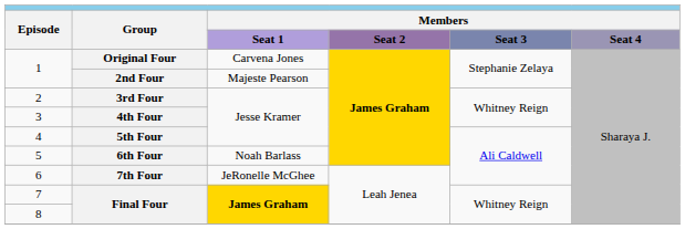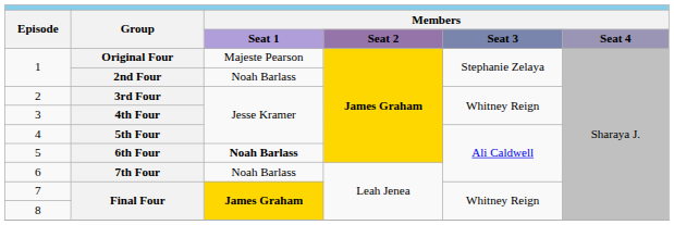 <table class="wikitable"  style="text-align:center; font-size:100%; width:70%;">
 <tr>
 <td colspan="6" scope="col" bgcolor="skyblue"><strong></strong></td>
 </tr>
 <tr>
 <th style="width:10%;" rowspan="2">Episode</th>
 <th style="width:20%;" rowspan="2">Group</th>
 <th colspan="4'">Members</th>
 </tr>
 <tr>
 <td style="width:18%;" bgcolor="#B09EDB"><strong>Seat 1</strong></td>
 <td style="width:18%;" bgcolor="#9574A9"><strong>Seat 2</strong></td>
 <td style="width:18%;" bgcolor="#7A85AD"><strong>Seat 3</strong></td>
 <td style="width:18%;" bgcolor="#9A95B4"><strong>Seat 4</strong></td>
 </tr>
 <tr>
 <td rowspan="2">1</td>
 <th>Original Four</th>
-<td>Carvena Jones</td>
+<td>Majeste Pearson</td>
 <td rowspan="6" bgcolor="gold"><strong>James Graham</strong></td>
 <td rowspan="2">Stephanie Zelaya</td>
 <td rowspan="9" bgcolor="silver">Sharaya J.</td>
 </tr>
 <tr>
 <th>2nd Four</th>
-<td>Majeste Pearson</td>
+<td>Noah Barlass</td>
 </tr>
 <tr>
 <td>2</td>
 <th>3rd Four</th>
 <td rowspan="3">Jesse Kramer</td>
 <td rowspan="2">Whitney Reign</td>
 </tr>
 <tr>
 <td>3</td>
 <th>4th Four</th>
 </tr>
 <tr>
 <td>4</td>
 <th>5th Four</th>
 <td rowspan="3"><a href='#'>Ali Caldwell</a></td>
 </tr>
 <tr>
 <td>5</td>
 <th>6th Four</th>
-<td>Noah Barlass</td>
+<td><strong>Noah Barlass</strong></td>
 </tr>
 <tr>
 <td>6</td>
 <th>7th Four</th>
-<td>JeRonelle McGhee</td>
+<td>Noah Barlass</td>
 <td rowspan=3>Leah Jenea</td>
 </tr>
 <tr>
 <td>7</td>
 <th rowspan="2">Final Four</th>
 <td rowspan="2" bgcolor="gold"><strong>James Graham</strong></td>
 <td rowspan="2">Whitney Reign</td>
 </tr>
 <tr>
 <td>8</td>
 </tr>
 <tr>
 </tr>
 </table>
